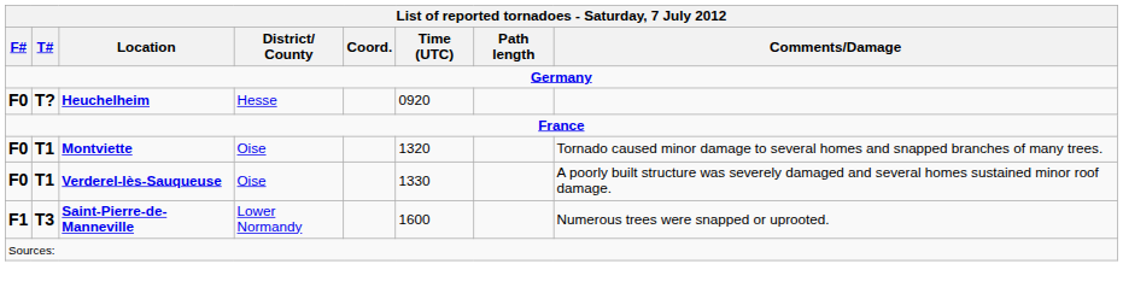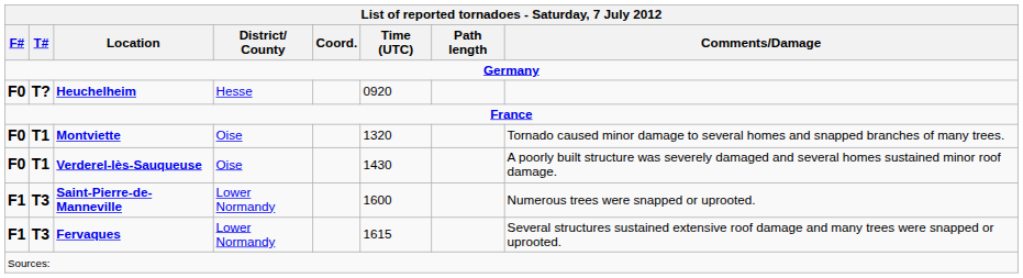 <table class="wikitable collapsible" width="100%">
 <tr>
 <th colspan="8">List of reported tornadoes - Saturday, 7 July 2012</th>
 </tr>
 <tr>
 <th><a href='#'>F#</a></th>
 <th><a href='#'>T#</a></th>
 <th>Location</th>
 <th>District/<br>County</th>
 <th>Coord.</th>
 <th>Time (UTC)</th>
 <th>Path length</th>
 <th>Comments/Damage</th>
 </tr>
 <tr>
 <td colspan="8" align=center><strong><a href='#'>Germany</a></strong></td>
 </tr>
 <tr>
 <td><big><strong>F0</strong></big></td>
 <td><big><strong>T?</strong></big></td>
 <td><strong><a href='#'>Heuchelheim</a></strong></td>
 <td><a href='#'>Hesse</a></td>
 <td></td>
 <td>0920</td>
 <td></td>
 <td></td>
 </tr>
 <tr>
 <td colspan="8" align=center><strong><a href='#'>France</a></strong></td>
 </tr>
 <tr>
 <td><big><strong>F0</strong></big></td>
 <td><big><strong>T1</strong></big></td>
 <td><strong><a href='#'>Montviette</a></strong></td>
 <td><a href='#'>Oise</a></td>
 <td></td>
 <td>1320</td>
 <td></td>
 <td>Tornado caused minor damage to several homes and snapped branches of many trees.</td>
 </tr>
 <tr>
 <td><big><strong>F0</strong></big></td>
 <td><big><strong>T1</strong></big></td>
 <td><strong><a href='#'>Verderel-lès-Sauqueuse</a></strong></td>
 <td><a href='#'>Oise</a></td>
 <td></td>
-<td>1330</td>
+<td>1430</td>
 <td></td>
 <td>A poorly built structure was severely damaged and several homes sustained minor roof damage.</td>
 </tr>
 <tr>
 <td><big><strong>F1</strong></big></td>
 <td><big><strong>T3</strong></big></td>
 <td><strong><a href='#'>Saint-Pierre-de-Manneville</a></strong></td>
 <td><a href='#'>Lower Normandy</a></td>
 <td></td>
 <td>1600</td>
 <td></td>
 <td>Numerous trees were snapped or uprooted.</td>
 </tr>
 <tr>
+<td><big><strong>F1</strong></big></td>
+<td><big><strong>T3</strong></big></td>
+<td><strong><a href='#'>Fervaques</a></strong></td>
+<td><a href='#'>Lower Normandy</a></td>
+<td></td>
+<td>1615</td>
+<td></td>
+<td>Several structures sustained extensive roof damage and many trees were snapped or uprooted.</td>
+</tr>
+<tr>
 <td colspan="8"><small>Sources:  </small></td>
 </tr>
 </table>
